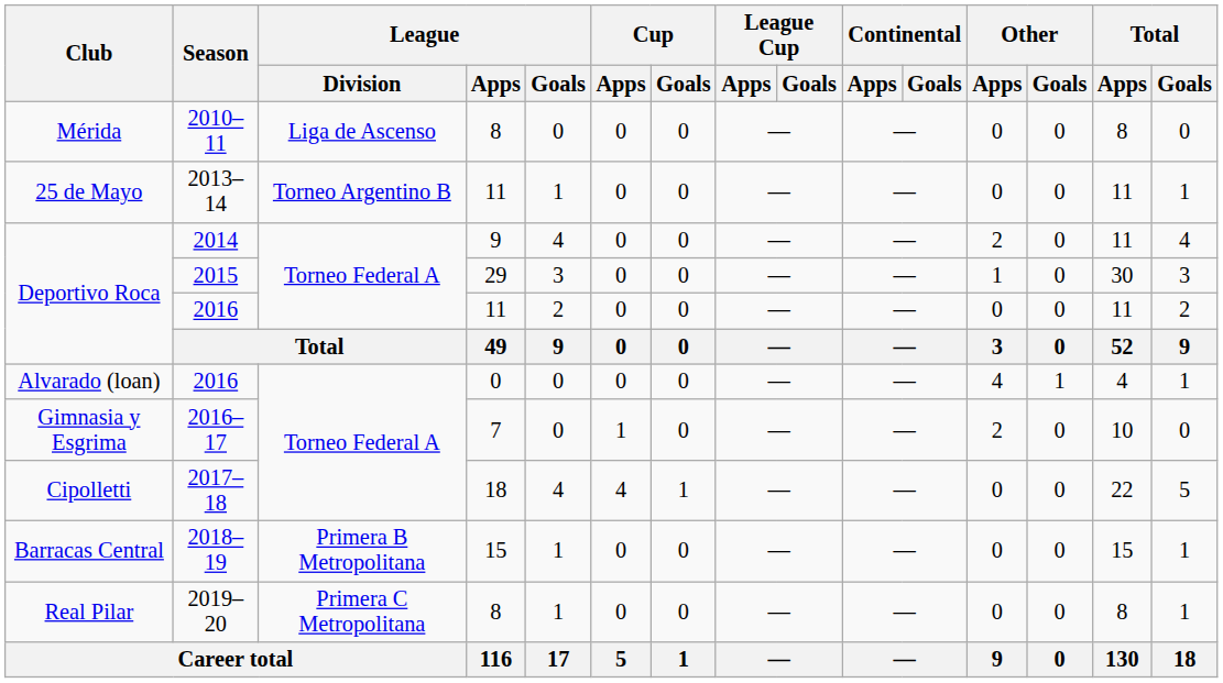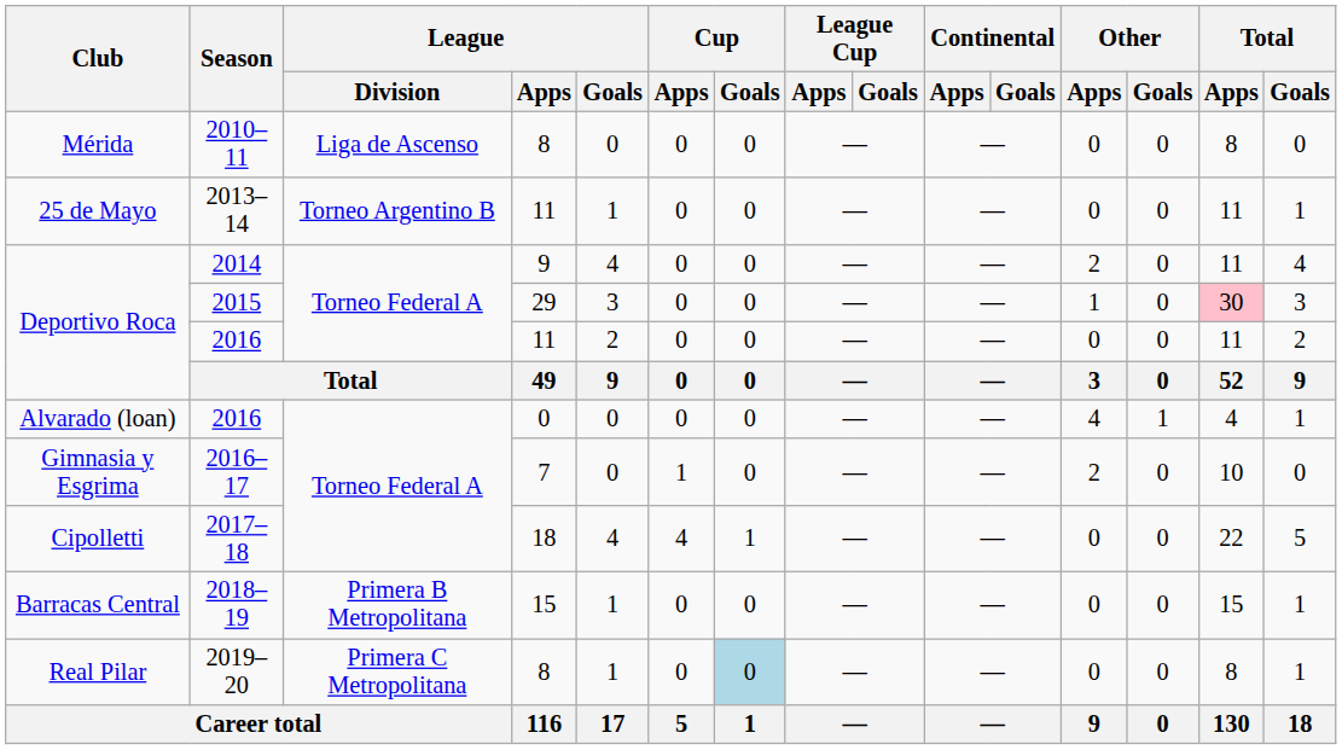 <table class="wikitable" style="text-align:center">
 <tr>
 <th rowspan="2">Club</th>
 <th rowspan="2">Season</th>
 <th colspan="3">League</th>
 <th colspan="2">Cup</th>
 <th colspan="2">League Cup</th>
 <th colspan="2">Continental</th>
 <th colspan="2">Other</th>
 <th colspan="2">Total</th>
 </tr>
 <tr>
 <th>Division</th>
 <th>Apps</th>
 <th>Goals</th>
 <th>Apps</th>
 <th>Goals</th>
 <th>Apps</th>
 <th>Goals</th>
 <th>Apps</th>
 <th>Goals</th>
 <th>Apps</th>
 <th>Goals</th>
 <th>Apps</th>
 <th>Goals</th>
 </tr>
 <tr>
 <td rowspan="1"><a href='#'>Mérida</a></td>
 <td><a href='#'>2010–11</a></td>
 <td rowspan="1"><a href='#'>Liga de Ascenso</a></td>
 <td>8</td>
 <td>0</td>
 <td>0</td>
 <td>0</td>
 <td colspan="2">—</td>
 <td colspan="2">—</td>
 <td>0</td>
 <td>0</td>
 <td>8</td>
 <td>0</td>
 </tr>
 <tr>
 <td rowspan="1"><a href='#'>25 de Mayo</a></td>
 <td>2013–14</td>
 <td rowspan="1"><a href='#'>Torneo Argentino B</a></td>
 <td>11</td>
 <td>1</td>
 <td>0</td>
 <td>0</td>
 <td colspan="2">—</td>
 <td colspan="2">—</td>
 <td>0</td>
 <td>0</td>
 <td>11</td>
 <td>1</td>
 </tr>
 <tr>
 <td rowspan="4"><a href='#'>Deportivo Roca</a></td>
 <td><a href='#'>2014</a></td>
 <td rowspan="3"><a href='#'>Torneo Federal A</a></td>
 <td>9</td>
 <td>4</td>
 <td>0</td>
 <td>0</td>
 <td colspan="2">—</td>
 <td colspan="2">—</td>
 <td>2</td>
 <td>0</td>
 <td>11</td>
 <td>4</td>
 </tr>
 <tr>
 <td><a href='#'>2015</a></td>
 <td>29</td>
 <td>3</td>
 <td>0</td>
 <td>0</td>
 <td colspan="2">—</td>
 <td colspan="2">—</td>
 <td>1</td>
 <td>0</td>
-<td>30</td>
+<td style="background: pink;">30</td>
 <td>3</td>
 </tr>
 <tr>
 <td><a href='#'>2016</a></td>
 <td>11</td>
 <td>2</td>
 <td>0</td>
 <td>0</td>
 <td colspan="2">—</td>
 <td colspan="2">—</td>
 <td>0</td>
 <td>0</td>
 <td>11</td>
 <td>2</td>
 </tr>
 <tr>
 <th colspan="2">Total</th>
 <th>49</th>
 <th>9</th>
 <th>0</th>
 <th>0</th>
 <th colspan="2">—</th>
 <th colspan="2">—</th>
 <th>3</th>
 <th>0</th>
 <th>52</th>
 <th>9</th>
 </tr>
 <tr>
 <td rowspan="1"><a href='#'>Alvarado</a> (loan)</td>
 <td><a href='#'>2016</a></td>
 <td rowspan="3"><a href='#'>Torneo Federal A</a></td>
 <td>0</td>
 <td>0</td>
 <td>0</td>
 <td>0</td>
 <td colspan="2">—</td>
 <td colspan="2">—</td>
 <td>4</td>
 <td>1</td>
 <td>4</td>
 <td>1</td>
 </tr>
 <tr>
 <td rowspan="1"><a href='#'>Gimnasia y Esgrima</a></td>
 <td><a href='#'>2016–17</a></td>
 <td>7</td>
 <td>0</td>
 <td>1</td>
 <td>0</td>
 <td colspan="2">—</td>
 <td colspan="2">—</td>
 <td>2</td>
 <td>0</td>
 <td>10</td>
 <td>0</td>
 </tr>
 <tr>
 <td rowspan="1"><a href='#'>Cipolletti</a></td>
 <td><a href='#'>2017–18</a></td>
 <td>18</td>
 <td>4</td>
 <td>4</td>
 <td>1</td>
 <td colspan="2">—</td>
 <td colspan="2">—</td>
 <td>0</td>
 <td>0</td>
 <td>22</td>
 <td>5</td>
 </tr>
 <tr>
 <td rowspan="1"><a href='#'>Barracas Central</a></td>
 <td><a href='#'>2018–19</a></td>
 <td rowspan="1"><a href='#'>Primera B Metropolitana</a></td>
 <td>15</td>
 <td>1</td>
 <td>0</td>
 <td>0</td>
 <td colspan="2">—</td>
 <td colspan="2">—</td>
 <td>0</td>
 <td>0</td>
 <td>15</td>
 <td>1</td>
 </tr>
 <tr>
 <td rowspan="1"><a href='#'>Real Pilar</a></td>
 <td>2019–20</td>
 <td rowspan="1"><a href='#'>Primera C Metropolitana</a></td>
 <td>8</td>
 <td>1</td>
 <td>0</td>
-<td>0</td>
+<td style="background: lightblue;">0</td>
 <td colspan="2">—</td>
 <td colspan="2">—</td>
 <td>0</td>
 <td>0</td>
 <td>8</td>
 <td>1</td>
 </tr>
 <tr>
 <th colspan="3">Career total</th>
 <th>116</th>
 <th>17</th>
 <th>5</th>
 <th>1</th>
 <th colspan="2">—</th>
 <th colspan="2">—</th>
 <th>9</th>
 <th>0</th>
 <th>130</th>
 <th>18</th>
 </tr>
 </table>
